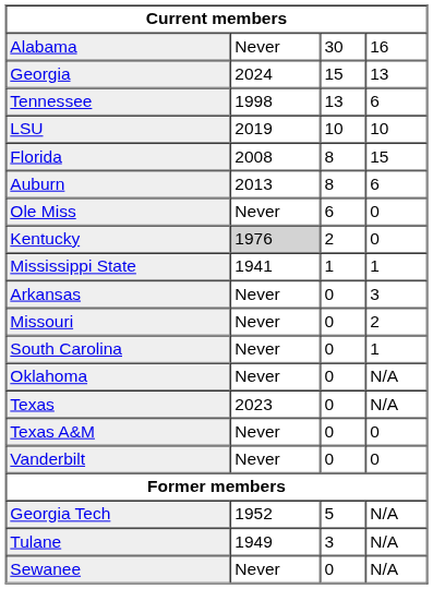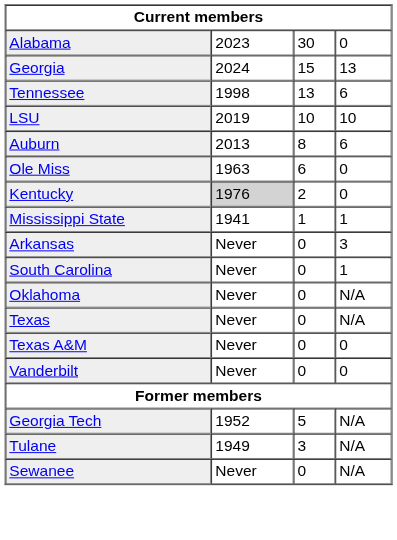 <table border="1" cellpadding="3" cellspacing="0" align="right" width="400px">
 <tr>
 </tr>
 <tr>
 <td colspan=4 align="center"><strong>Current members</strong></td>
 </tr>
 <tr>
 <td bgcolor="#efefef"><a href='#'>Alabama</a></td>
-<td>Never</td>
+<td>2023</td>
 <td>30</td>
-<td>16</td>
+<td>0</td>
 </tr>
 <tr>
 <td bgcolor="#efefef"><a href='#'>Georgia</a></td>
 <td>2024</td>
 <td>15</td>
 <td>13</td>
 </tr>
 <tr>
 <td bgcolor="#efefef"><a href='#'>Tennessee</a></td>
 <td>1998</td>
 <td>13</td>
 <td>6</td>
 </tr>
 <tr>
 <td bgcolor="#efefef"><a href='#'>LSU</a></td>
 <td>2019</td>
 <td>10</td>
 <td>10</td>
 </tr>
 <tr>
-<td bgcolor="#efefef"><a href='#'>Florida</a></td>
-<td>2008</td>
-<td>8 </td>
-<td>15</td>
-</tr>
-<tr>
 <td bgcolor="#efefef"><a href='#'>Auburn</a></td>
 <td>2013</td>
 <td>8</td>
 <td>6</td>
 </tr>
 <tr>
 <td bgcolor="#efefef"><a href='#'>Ole Miss</a></td>
-<td>Never</td>
+<td>1963</td>
 <td>6</td>
 <td>0</td>
 </tr>
 <tr>
 <td bgcolor="#efefef"><a href='#'>Kentucky</a></td>
 <td style="background: lightgrey;">1976</td>
 <td>2</td>
 <td>0</td>
 </tr>
 <tr>
 <td bgcolor="#efefef"><a href='#'>Mississippi State</a></td>
 <td>1941</td>
 <td>1</td>
 <td>1</td>
 </tr>
 <tr>
 <td bgcolor="#efefef"><a href='#'>Arkansas</a></td>
 <td>Never</td>
 <td>0</td>
 <td>3</td>
 </tr>
 <tr>
-<td bgcolor="#efefef"><a href='#'>Missouri</a></td>
-<td>Never</td>
-<td>0</td>
-<td>2</td>
-</tr>
-<tr>
 <td bgcolor="#efefef"><a href='#'>South Carolina</a></td>
 <td>Never</td>
 <td>0</td>
 <td>1</td>
 </tr>
 <tr>
 <td bgcolor="#efefef"><a href='#'>Oklahoma</a></td>
 <td>Never</td>
 <td>0</td>
 <td>N/A</td>
 </tr>
 <tr>
 <td bgcolor="#efefef"><a href='#'>Texas</a></td>
-<td>2023</td>
+<td>Never</td>
 <td>0</td>
 <td>N/A</td>
 </tr>
 <tr>
 <td bgcolor="#efefef"><a href='#'>Texas A&M</a></td>
 <td>Never</td>
 <td>0</td>
 <td>0</td>
 </tr>
 <tr>
 <td bgcolor="#efefef"><a href='#'>Vanderbilt</a></td>
 <td>Never</td>
 <td>0</td>
 <td>0</td>
 </tr>
 <tr>
 <td colspan=4 align="center"><strong>Former members</strong></td>
 </tr>
 <tr>
 <td bgcolor="#efefef"><a href='#'>Georgia Tech</a></td>
 <td>1952</td>
 <td>5</td>
 <td>N/A</td>
 </tr>
 <tr>
 <td bgcolor="#efefef"><a href='#'>Tulane</a></td>
 <td>1949</td>
 <td>3</td>
 <td>N/A</td>
 </tr>
 <tr>
 <td bgcolor="#efefef"><a href='#'>Sewanee</a></td>
 <td>Never</td>
 <td>0</td>
 <td>N/A</td>
 </tr>
 </table>
